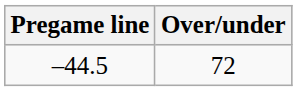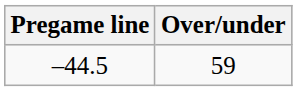 <table class="wikitable" style="margin-left: auto; margin-right: auto; border: none; display: inline-table;">
 <tr style="text-align:center">
 <th style=>Pregame line</th>
 <th style=>Over/under</th>
 </tr>
 <tr style="text-align:center">
 <td>–44.5</td>
-<td>72</td>
+<td>59</td>
 </tr>
 </table>
